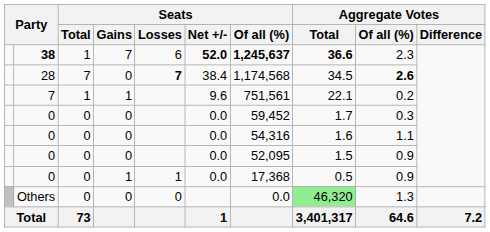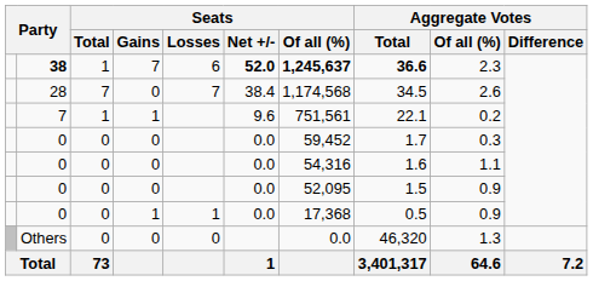 <table class="wikitable sortable" style="text-align:right; font-size:95%;">
 <tr>
 <th colspan="2" rowspan="2">Party</th>
 <th colspan="5">Seats</th>
 <th colspan="3">Aggregate Votes</th>
 </tr>
 <tr>
 <th>Total</th>
 <th>Gains</th>
 <th>Losses</th>
 <th>Net +/-</th>
 <th>Of all (%)</th>
 <th>Total</th>
 <th>Of all (%)</th>
 <th>Difference</th>
 </tr>
 <tr>
 <td></td>
 <td><strong>38</strong></td>
 <td>1</td>
 <td>7</td>
 <td>6</td>
 <td><strong>52.0</strong></td>
 <td><strong>1,245,637</strong></td>
 <td><strong>36.6</strong></td>
 <td>2.3</td>
 </tr>
 <tr>
 <td></td>
 <td>28</td>
 <td>7</td>
 <td>0</td>
-<td><strong>7</strong></td>
+<td>7</td>
 <td>38.4</td>
 <td>1,174,568</td>
 <td>34.5</td>
-<td><strong>2.6</strong></td>
+<td>2.6</td>
 </tr>
 <tr>
 <td></td>
 <td>7</td>
 <td>1</td>
 <td>1</td>
 <td></td>
 <td>9.6</td>
 <td>751,561</td>
 <td>22.1</td>
 <td>0.2</td>
 </tr>
 <tr>
 <td></td>
 <td>0</td>
 <td>0</td>
 <td>0</td>
 <td></td>
 <td>0.0</td>
 <td>59,452</td>
 <td>1.7</td>
 <td>0.3</td>
 </tr>
 <tr>
 <td></td>
 <td>0</td>
 <td>0</td>
 <td>0</td>
 <td></td>
 <td>0.0</td>
 <td>54,316</td>
 <td>1.6</td>
 <td>1.1</td>
 </tr>
 <tr>
 <td></td>
 <td>0</td>
 <td>0</td>
 <td>0</td>
 <td></td>
 <td>0.0</td>
 <td>52,095</td>
 <td>1.5</td>
 <td>0.9</td>
 </tr>
 <tr>
 <td></td>
 <td>0</td>
 <td>0</td>
 <td>1</td>
 <td>1</td>
 <td>0.0</td>
 <td>17,368</td>
 <td>0.5</td>
 <td>0.9</td>
 </tr>
 <tr>
 <td style="background:silver;"> </td>
 <td align=left>Others</td>
 <td>0</td>
 <td>0</td>
 <td>0</td>
 <td></td>
 <td>0.0</td>
-<td style="background: lightgreen;">46,320</td>
+<td>46,320</td>
 <td>1.3</td>
 <td></td>
 </tr>
 <tr class="sortbottom">
 <th colspan="2" style="background:#f2f2f2"><strong>Total</strong></th>
 <td style="background:#f2f2f2;"><strong>73</strong></td>
 <td style="background:#f2f2f2;"></td>
 <td style="background:#f2f2f2;"></td>
 <td style="background:#f2f2f2;"><strong>1</strong></td>
 <td style="background:#f2f2f2;"></td>
 <td style="background:#f2f2f2;"><strong>3,401,317</strong></td>
 <td style="background:#f2f2f2;"><strong>64.6</strong></td>
 <td style="background:#f2f2f2;"><strong>7.2</strong></td>
 </tr>
 </table>
